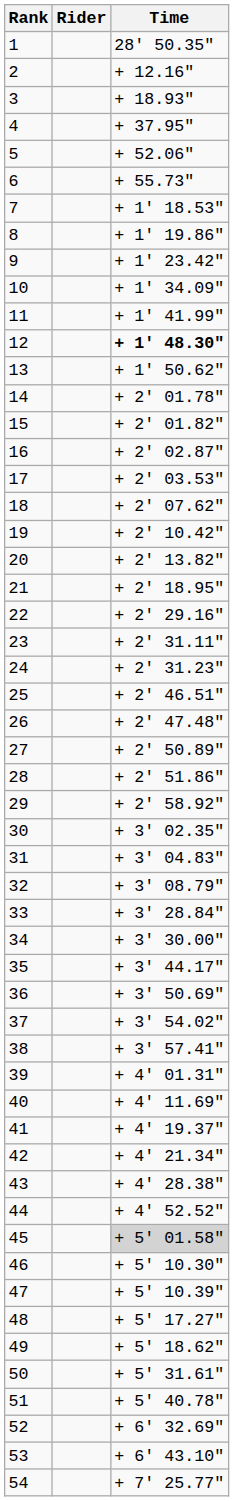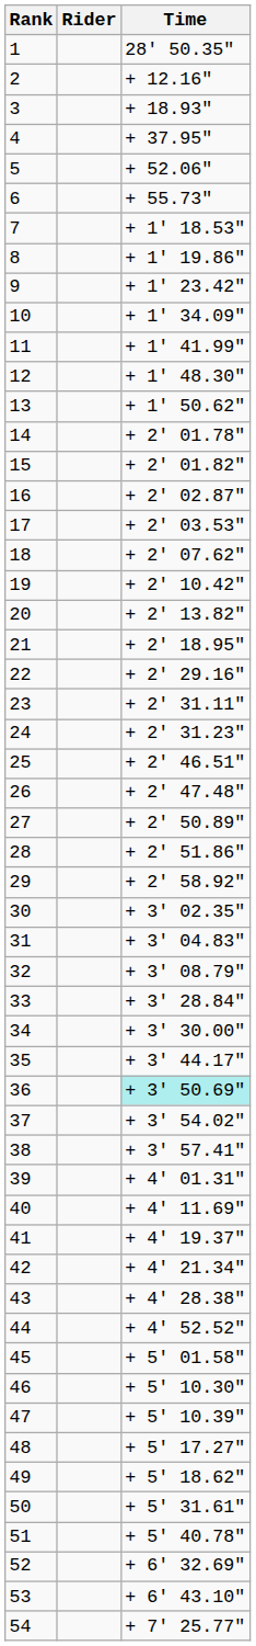 <table class="wikitable">
 <tr>
 <th>Rank</th>
 <th>Rider</th>
 <th>Time</th>
 </tr>
 <tr>
 <td>1</td>
 <td></td>
 <td>28' 50.35"</td>
 </tr>
 <tr>
 <td>2</td>
 <td></td>
 <td>+ 12.16"</td>
 </tr>
 <tr>
 <td>3</td>
 <td></td>
 <td>+ 18.93"</td>
 </tr>
 <tr>
 <td>4</td>
 <td></td>
 <td>+ 37.95"</td>
 </tr>
 <tr>
 <td>5</td>
 <td></td>
 <td>+ 52.06"</td>
 </tr>
 <tr>
 <td>6</td>
 <td></td>
 <td>+ 55.73"</td>
 </tr>
 <tr>
 <td>7</td>
 <td></td>
 <td>+ 1' 18.53"</td>
 </tr>
 <tr>
 <td>8</td>
 <td></td>
 <td>+ 1' 19.86"</td>
 </tr>
 <tr>
 <td>9</td>
 <td></td>
 <td>+ 1' 23.42"</td>
 </tr>
 <tr>
 <td>10</td>
 <td></td>
 <td>+ 1' 34.09"</td>
 </tr>
 <tr>
 <td>11</td>
 <td></td>
 <td>+ 1' 41.99"</td>
 </tr>
 <tr>
 <td>12</td>
 <td></td>
-<td><strong>+ 1' 48.30"</strong></td>
+<td>+ 1' 48.30"</td>
 </tr>
 <tr>
 <td>13</td>
 <td></td>
 <td>+ 1' 50.62"</td>
 </tr>
 <tr>
 <td>14</td>
 <td></td>
 <td>+ 2' 01.78"</td>
 </tr>
 <tr>
 <td>15</td>
 <td></td>
 <td>+ 2' 01.82"</td>
 </tr>
 <tr>
 <td>16</td>
 <td></td>
 <td>+ 2' 02.87"</td>
 </tr>
 <tr>
 <td>17</td>
 <td></td>
 <td>+ 2' 03.53"</td>
 </tr>
 <tr>
 <td>18</td>
 <td></td>
 <td>+ 2' 07.62"</td>
 </tr>
 <tr>
 <td>19</td>
 <td></td>
 <td>+ 2' 10.42"</td>
 </tr>
 <tr>
 <td>20</td>
 <td></td>
 <td>+ 2' 13.82"</td>
 </tr>
 <tr>
 <td>21</td>
 <td></td>
 <td>+ 2' 18.95"</td>
 </tr>
 <tr>
 <td>22</td>
 <td></td>
 <td>+ 2' 29.16"</td>
 </tr>
 <tr>
 <td>23</td>
 <td></td>
 <td>+ 2' 31.11"</td>
 </tr>
 <tr>
 <td>24</td>
 <td></td>
 <td>+ 2' 31.23"</td>
 </tr>
 <tr>
 <td>25</td>
 <td></td>
 <td>+ 2' 46.51"</td>
 </tr>
 <tr>
 <td>26</td>
 <td></td>
 <td>+ 2' 47.48"</td>
 </tr>
 <tr>
 <td>27</td>
 <td></td>
 <td>+ 2' 50.89"</td>
 </tr>
 <tr>
 <td>28</td>
 <td></td>
 <td>+ 2' 51.86"</td>
 </tr>
 <tr>
 <td>29</td>
 <td></td>
 <td>+ 2' 58.92"</td>
 </tr>
 <tr>
 <td>30</td>
 <td></td>
 <td>+ 3' 02.35"</td>
 </tr>
 <tr>
 <td>31</td>
 <td></td>
 <td>+ 3' 04.83"</td>
 </tr>
 <tr>
 <td>32</td>
 <td></td>
 <td>+ 3' 08.79"</td>
 </tr>
 <tr>
 <td>33</td>
 <td></td>
 <td>+ 3' 28.84"</td>
 </tr>
 <tr>
 <td>34</td>
 <td></td>
 <td>+ 3' 30.00"</td>
 </tr>
 <tr>
 <td>35</td>
 <td></td>
 <td>+ 3' 44.17"</td>
 </tr>
 <tr>
 <td>36</td>
 <td></td>
-<td>+ 3' 50.69"</td>
+<td style="background: paleturquoise;">+ 3' 50.69"</td>
 </tr>
 <tr>
 <td>37</td>
 <td></td>
 <td>+ 3' 54.02"</td>
 </tr>
 <tr>
 <td>38</td>
 <td></td>
 <td>+ 3' 57.41"</td>
 </tr>
 <tr>
 <td>39</td>
 <td></td>
 <td>+ 4' 01.31"</td>
 </tr>
 <tr>
 <td>40</td>
 <td></td>
 <td>+ 4' 11.69"</td>
 </tr>
 <tr>
 <td>41</td>
 <td></td>
 <td>+ 4' 19.37"</td>
 </tr>
 <tr>
 <td>42</td>
 <td></td>
 <td>+ 4' 21.34"</td>
 </tr>
 <tr>
 <td>43</td>
 <td></td>
 <td>+ 4' 28.38"</td>
 </tr>
 <tr>
 <td>44</td>
 <td></td>
 <td>+ 4' 52.52"</td>
 </tr>
 <tr>
 <td>45</td>
 <td></td>
-<td style="background: lightgrey;">+ 5' 01.58"</td>
+<td>+ 5' 01.58"</td>
 </tr>
 <tr>
 <td>46</td>
 <td></td>
 <td>+ 5' 10.30"</td>
 </tr>
 <tr>
 <td>47</td>
 <td></td>
 <td>+ 5' 10.39"</td>
 </tr>
 <tr>
 <td>48</td>
 <td></td>
 <td>+ 5' 17.27"</td>
 </tr>
 <tr>
 <td>49</td>
 <td></td>
 <td>+ 5' 18.62"</td>
 </tr>
 <tr>
 <td>50</td>
 <td></td>
 <td>+ 5' 31.61"</td>
 </tr>
 <tr>
 <td>51</td>
 <td></td>
 <td>+ 5' 40.78"</td>
 </tr>
 <tr>
 <td>52</td>
 <td></td>
 <td>+ 6' 32.69"</td>
 </tr>
 <tr>
 <td>53</td>
 <td></td>
 <td>+ 6' 43.10"</td>
 </tr>
 <tr>
 <td>54</td>
 <td></td>
 <td>+ 7' 25.77"</td>
 </tr>
 </table>
